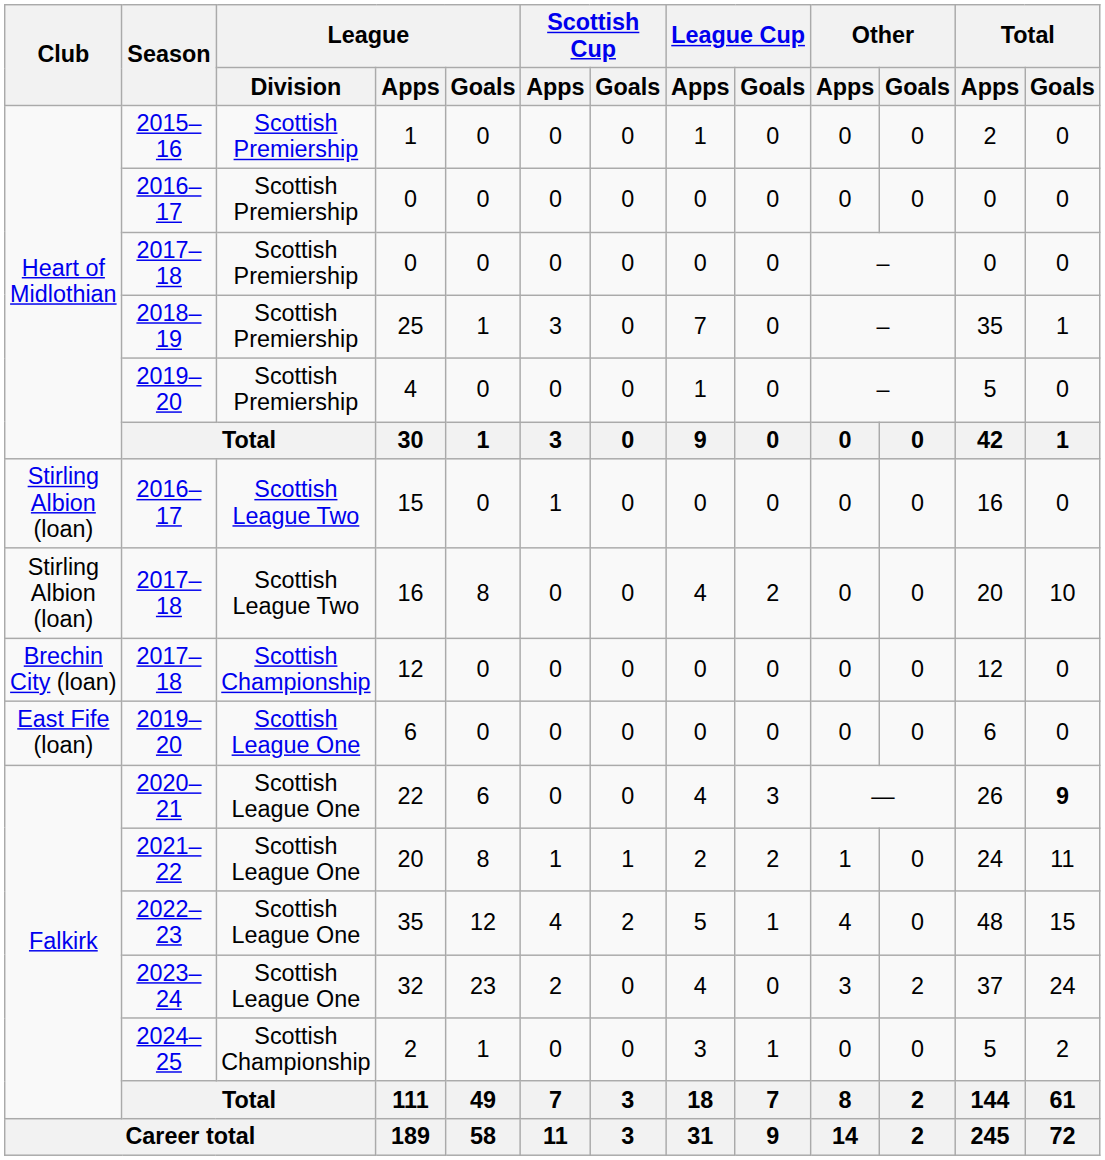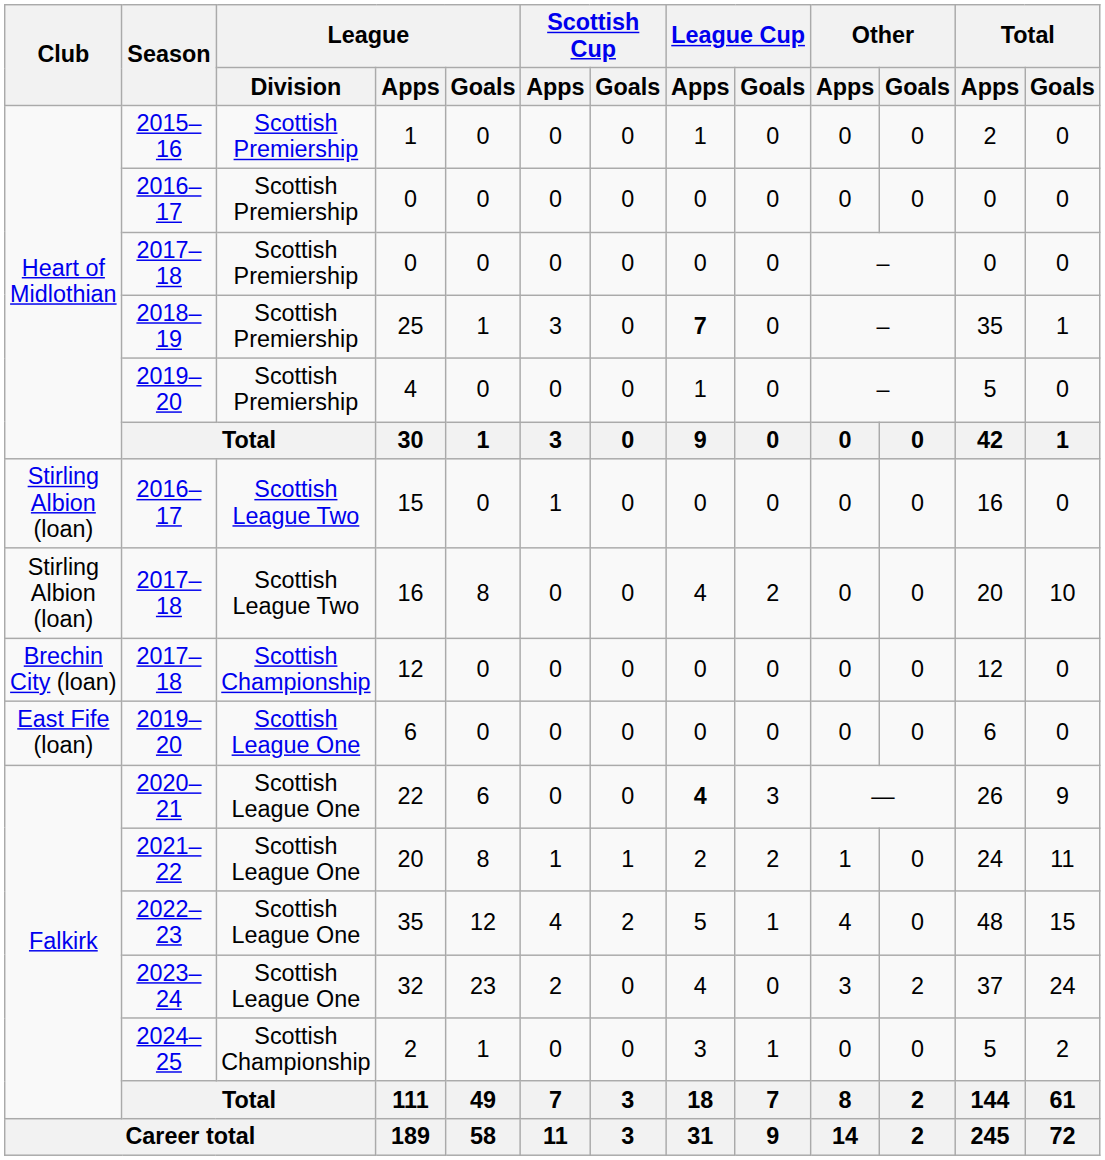 <table class="wikitable" style="text-align:center">
 <tr>
 <th rowspan=2>Club</th>
 <th rowspan=2>Season</th>
 <th colspan=3>League</th>
 <th colspan=2><a href='#'>Scottish Cup</a></th>
 <th colspan=2><a href='#'>League Cup</a></th>
 <th colspan=2>Other</th>
 <th colspan=2>Total</th>
 </tr>
 <tr>
 <th>Division</th>
 <th>Apps</th>
 <th>Goals</th>
 <th>Apps</th>
 <th>Goals</th>
 <th>Apps</th>
 <th>Goals</th>
 <th>Apps</th>
 <th>Goals</th>
 <th>Apps</th>
 <th>Goals</th>
 </tr>
 <tr>
 <td rowspan="6"><a href='#'>Heart of Midlothian</a></td>
 <td><a href='#'>2015–16</a></td>
 <td><a href='#'>Scottish Premiership</a></td>
 <td>1</td>
 <td>0</td>
 <td>0</td>
 <td>0</td>
 <td>1</td>
 <td>0</td>
 <td>0</td>
 <td>0</td>
 <td>2</td>
 <td>0</td>
 </tr>
 <tr>
 <td><a href='#'>2016–17</a></td>
 <td>Scottish Premiership</td>
 <td>0</td>
 <td>0</td>
 <td>0</td>
 <td>0</td>
 <td>0</td>
 <td>0</td>
 <td>0</td>
 <td>0</td>
 <td>0</td>
 <td>0</td>
 </tr>
 <tr>
 <td><a href='#'>2017–18</a></td>
 <td>Scottish Premiership</td>
 <td>0</td>
 <td>0</td>
 <td>0</td>
 <td>0</td>
 <td>0</td>
 <td>0</td>
 <td colspan="2">–</td>
 <td>0</td>
 <td>0</td>
 </tr>
 <tr>
 <td><a href='#'>2018–19</a></td>
 <td>Scottish Premiership</td>
 <td>25</td>
 <td>1</td>
 <td>3</td>
 <td>0</td>
-<td>7</td>
+<td><strong>7</strong></td>
 <td>0</td>
 <td colspan="2">–</td>
 <td>35</td>
 <td>1</td>
 </tr>
 <tr>
 <td><a href='#'>2019–20</a></td>
 <td>Scottish Premiership</td>
 <td>4</td>
 <td>0</td>
 <td>0</td>
 <td>0</td>
 <td>1</td>
 <td>0</td>
 <td colspan="2">–</td>
 <td>5</td>
 <td>0</td>
 </tr>
 <tr>
 <th colspan=2>Total</th>
 <th>30</th>
 <th>1</th>
 <th>3</th>
 <th>0</th>
 <th>9</th>
 <th>0</th>
 <th>0</th>
 <th>0</th>
 <th>42</th>
 <th>1</th>
 </tr>
 <tr>
 <td><a href='#'>Stirling Albion</a> (loan)</td>
 <td><a href='#'>2016–17</a></td>
 <td><a href='#'>Scottish League Two</a></td>
 <td>15</td>
 <td>0</td>
 <td>1</td>
 <td>0</td>
 <td>0</td>
 <td>0</td>
 <td>0</td>
 <td>0</td>
 <td>16</td>
 <td>0</td>
 </tr>
 <tr>
 <td>Stirling Albion (loan)</td>
 <td><a href='#'>2017–18</a></td>
 <td>Scottish League Two</td>
 <td>16</td>
 <td>8</td>
 <td>0</td>
 <td>0</td>
 <td>4</td>
 <td>2</td>
 <td>0</td>
 <td>0</td>
 <td>20</td>
 <td>10</td>
 </tr>
 <tr>
 <td><a href='#'>Brechin City</a> (loan)</td>
 <td><a href='#'>2017–18</a></td>
 <td><a href='#'>Scottish Championship</a></td>
 <td>12</td>
 <td>0</td>
 <td>0</td>
 <td>0</td>
 <td>0</td>
 <td>0</td>
 <td>0</td>
 <td>0</td>
 <td>12</td>
 <td>0</td>
 </tr>
 <tr>
 <td><a href='#'>East Fife</a> (loan)</td>
 <td><a href='#'>2019–20</a></td>
 <td><a href='#'>Scottish League One</a></td>
 <td>6</td>
 <td>0</td>
 <td>0</td>
 <td>0</td>
 <td>0</td>
 <td>0</td>
 <td>0</td>
 <td>0</td>
 <td>6</td>
 <td>0</td>
 </tr>
 <tr>
 <td rowspan="6"><a href='#'>Falkirk</a></td>
 <td><a href='#'>2020–21</a></td>
 <td>Scottish League One</td>
 <td>22</td>
 <td>6</td>
 <td>0</td>
 <td>0</td>
-<td>4</td>
+<td><strong>4</strong></td>
 <td>3</td>
 <td colspan="2">—</td>
 <td>26</td>
-<td><strong>9</strong></td>
+<td>9</td>
 </tr>
 <tr>
 <td><a href='#'>2021–22</a></td>
 <td>Scottish League One</td>
 <td>20</td>
 <td>8</td>
 <td>1</td>
 <td>1</td>
 <td>2</td>
 <td>2</td>
 <td>1</td>
 <td>0</td>
 <td>24</td>
 <td>11</td>
 </tr>
 <tr>
 <td><a href='#'>2022–23</a></td>
 <td>Scottish League One</td>
 <td>35</td>
 <td>12</td>
 <td>4</td>
 <td>2</td>
 <td>5</td>
 <td>1</td>
 <td>4</td>
 <td>0</td>
 <td>48</td>
 <td>15</td>
 </tr>
 <tr>
 <td><a href='#'>2023–24</a></td>
 <td>Scottish League One</td>
 <td>32</td>
 <td>23</td>
 <td>2</td>
 <td>0</td>
 <td>4</td>
 <td>0</td>
 <td>3</td>
 <td>2</td>
 <td>37</td>
 <td>24</td>
 </tr>
 <tr>
 <td><a href='#'>2024–25</a></td>
 <td>Scottish Championship</td>
 <td>2</td>
 <td>1</td>
 <td>0</td>
 <td>0</td>
 <td>3</td>
 <td>1</td>
 <td>0</td>
 <td>0</td>
 <td>5</td>
 <td>2</td>
 </tr>
 <tr>
 <th colspan="2">Total</th>
 <th>111</th>
 <th>49</th>
 <th>7</th>
 <th>3</th>
 <th>18</th>
 <th>7</th>
 <th>8</th>
 <th>2</th>
 <th>144</th>
 <th>61</th>
 </tr>
 <tr>
 <th colspan="3">Career total</th>
 <th>189</th>
 <th>58</th>
 <th>11</th>
 <th>3</th>
 <th>31</th>
 <th>9</th>
 <th>14</th>
 <th>2</th>
 <th>245</th>
 <th>72</th>
 </tr>
 </table>
